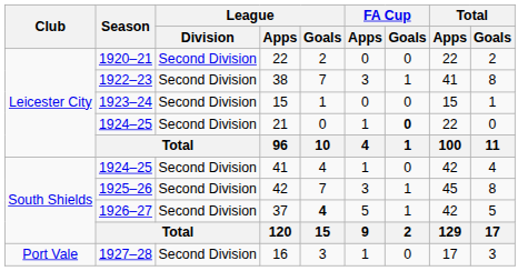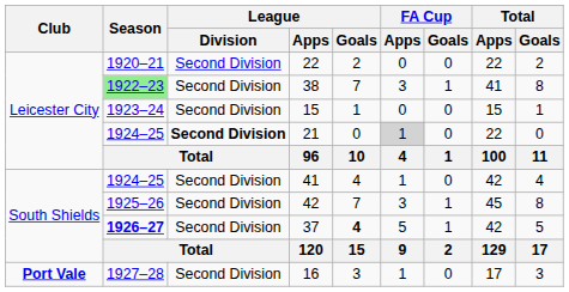 <table class="wikitable" style="text-align:center">
 <tr>
 <th rowspan="2">Club</th>
 <th rowspan="2">Season</th>
 <th colspan="3">League</th>
 <th colspan="2"><a href='#'>FA Cup</a></th>
 <th colspan="2">Total</th>
 </tr>
 <tr>
 <th>Division</th>
 <th>Apps</th>
 <th>Goals</th>
 <th>Apps</th>
 <th>Goals</th>
 <th>Apps</th>
 <th>Goals</th>
 </tr>
 <tr>
 <td rowspan="5"><a href='#'>Leicester City</a></td>
 <td><a href='#'>1920–21</a></td>
 <td><a href='#'>Second Division</a></td>
 <td>22</td>
 <td>2</td>
 <td>0</td>
 <td>0</td>
 <td>22</td>
 <td>2</td>
 </tr>
 <tr>
-<td><a href='#'>1922–23</a></td>
+<td style="background: lightgreen;"><a href='#'>1922–23</a></td>
 <td>Second Division</td>
 <td>38</td>
 <td>7</td>
 <td>3</td>
 <td>1</td>
 <td>41</td>
 <td>8</td>
 </tr>
 <tr>
 <td><a href='#'>1923–24</a></td>
 <td>Second Division</td>
 <td>15</td>
 <td>1</td>
 <td>0</td>
 <td>0</td>
 <td>15</td>
 <td>1</td>
 </tr>
 <tr>
 <td><a href='#'>1924–25</a></td>
-<td>Second Division</td>
+<td><strong>Second Division</strong></td>
 <td>21</td>
 <td>0</td>
-<td>1</td>
-<td><strong>0</strong></td>
+<td style="background: lightgrey;">1</td>
+<td>0</td>
 <td>22</td>
 <td>0</td>
 </tr>
 <tr>
 <th colspan="2">Total</th>
 <th>96</th>
 <th>10</th>
 <th>4</th>
 <th>1</th>
 <th>100</th>
 <th>11</th>
 </tr>
 <tr>
 <td rowspan="4"><a href='#'>South Shields</a></td>
 <td><a href='#'>1924–25</a></td>
 <td>Second Division</td>
 <td>41</td>
 <td>4</td>
 <td>1</td>
 <td>0</td>
 <td>42</td>
 <td>4</td>
 </tr>
 <tr>
 <td><a href='#'>1925–26</a></td>
 <td>Second Division</td>
 <td>42</td>
 <td>7</td>
 <td>3</td>
 <td>1</td>
 <td>45</td>
 <td>8</td>
 </tr>
 <tr>
-<td><a href='#'>1926–27</a></td>
+<td><strong><a href='#'>1926–27</a></strong></td>
 <td>Second Division</td>
 <td>37</td>
 <td><strong>4</strong></td>
 <td>5</td>
 <td>1</td>
 <td>42</td>
 <td>5</td>
 </tr>
 <tr>
 <th colspan="2">Total</th>
 <th>120</th>
 <th>15</th>
 <th>9</th>
 <th>2</th>
 <th>129</th>
 <th>17</th>
 </tr>
 <tr>
-<td><a href='#'>Port Vale</a></td>
+<td><strong><a href='#'>Port Vale</a></strong></td>
 <td><a href='#'>1927–28</a></td>
 <td>Second Division</td>
 <td>16</td>
 <td>3</td>
 <td>1</td>
 <td>0</td>
 <td>17</td>
 <td>3</td>
 </tr>
 </table>
